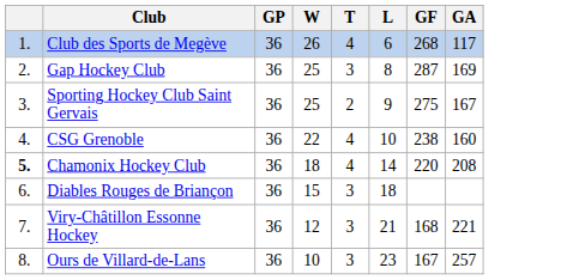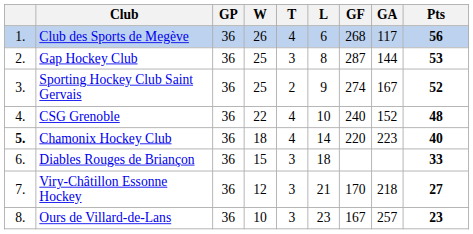 <table class="wikitable">
 <tr>
 <th width="30"></th>
 <th width="200">Club</th>
 <th width="30">GP</th>
 <th width="30">W</th>
 <th width="30">T</th>
 <th width="30">L</th>
 <th width="30">GF</th>
 <th width="30">GA</th>
+<th width="70">Pts</th>
 </tr>
 <tr bgcolor="#BCD2EE" align="center">
 <td>1.</td>
 <td align="left"><a href='#'>Club des Sports de Megève</a></td>
 <td>36</td>
 <td>26</td>
 <td>4</td>
 <td>6</td>
 <td>268</td>
 <td>117</td>
+<td><strong>56</strong></td>
 </tr>
 <tr bgcolor="#FFFFFF" align="center">
 <td>2.</td>
 <td align="left"><a href='#'>Gap Hockey Club</a></td>
 <td>36</td>
 <td>25</td>
 <td>3</td>
 <td>8</td>
 <td>287</td>
-<td>169</td>
+<td>144</td>
+<td><strong>53</strong></td>
 </tr>
 <tr bgcolor="#FFFFFF" align="center">
 <td>3.</td>
 <td align="left"><a href='#'>Sporting Hockey Club Saint Gervais</a></td>
 <td>36</td>
 <td>25</td>
 <td>2</td>
 <td>9</td>
-<td>275</td>
+<td>274</td>
 <td>167</td>
+<td><strong>52</strong></td>
 </tr>
 <tr bgcolor="#FFFFFF" align="center">
 <td>4.</td>
 <td align="left"><a href='#'>CSG Grenoble</a></td>
 <td>36</td>
 <td>22</td>
 <td>4</td>
 <td>10</td>
-<td>238</td>
-<td>160</td>
+<td>240</td>
+<td>152</td>
+<td><strong>48</strong></td>
 </tr>
 <tr bgcolor="#FFFFFF" align="center">
 <td><strong>5.</strong></td>
 <td align="left"><a href='#'>Chamonix Hockey Club</a></td>
 <td>36</td>
 <td>18</td>
 <td>4</td>
 <td>14</td>
 <td>220</td>
-<td>208</td>
+<td>223</td>
+<td><strong>40</strong></td>
 </tr>
 <tr bgcolor="#FFFFFF" align="center">
 <td>6.</td>
 <td align="left"><a href='#'>Diables Rouges de Briançon</a></td>
 <td>36</td>
 <td>15</td>
 <td>3</td>
 <td>18</td>
 <td></td>
 <td></td>
+<td><strong>33</strong></td>
 </tr>
 <tr bgcolor="#FFFFFF" align="center">
 <td>7.</td>
 <td align="left"><a href='#'>Viry-Châtillon Essonne Hockey&lrm;</a></td>
 <td>36</td>
 <td>12</td>
 <td>3</td>
 <td>21</td>
-<td>168</td>
-<td>221</td>
+<td>170</td>
+<td>218</td>
+<td><strong>27</strong></td>
 </tr>
 <tr bgcolor="#FFFFFF" align="center">
 <td>8.</td>
 <td align="left"><a href='#'>Ours de Villard-de-Lans</a></td>
 <td>36</td>
 <td>10</td>
 <td>3</td>
 <td>23</td>
 <td>167</td>
 <td>257</td>
+<td><strong>23</strong></td>
 </tr>
 </table>
